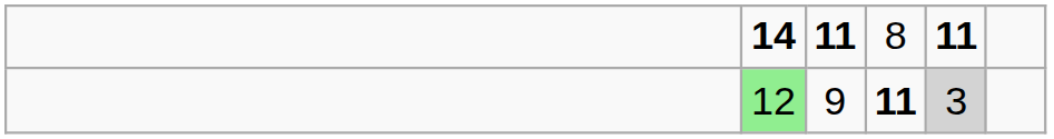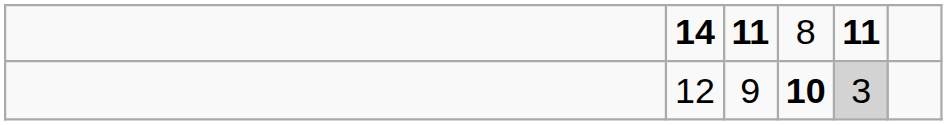 <table class="wikitable">
 <tr>
 <td style="width:18em"><strong></strong></td>
 <td align=center style="width:1em"><strong>14</strong></td>
 <td align=center style="width:1em"><strong>11</strong></td>
 <td align=center style="width:1em">8</td>
 <td align=center style="width:1em"><strong>11</strong></td>
 <td align=center style="width:1em"></td>
 </tr>
 <tr>
 <td style="width:18em"></td>
-<td align=center style="background: lightgreen; width:1em">12</td>
+<td align=center style="width:1em">12</td>
 <td align=center style="width:1em">9</td>
-<td align=center style="width:1em"><strong>11</strong></td>
+<td align=center style="width:1em"><strong>10</strong></td>
 <td align=center style="background: lightgrey; width:1em">3</td>
 <td align=center style="width:1em"></td>
 </tr>
 </table>
